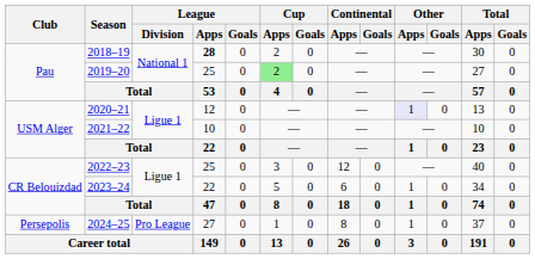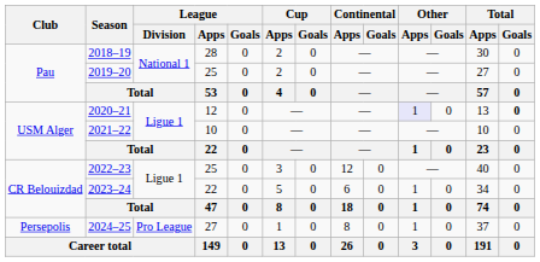 <table class="wikitable" style="text-align: center">
 <tr>
 <th rowspan="2">Club</th>
 <th rowspan="2">Season</th>
 <th colspan="3">League</th>
 <th colspan="2">Cup</th>
 <th colspan="2">Continental</th>
 <th colspan="2">Other</th>
 <th colspan="2">Total</th>
 </tr>
 <tr>
 <th>Division</th>
 <th>Apps</th>
 <th>Goals</th>
 <th>Apps</th>
 <th>Goals</th>
 <th>Apps</th>
 <th>Goals</th>
 <th>Apps</th>
 <th>Goals</th>
 <th>Apps</th>
 <th>Goals</th>
 </tr>
 <tr>
 <td rowspan="3" valign="center"><a href='#'>Pau</a></td>
 <td><a href='#'>2018–19</a></td>
 <td rowspan=2><a href='#'>National 1</a></td>
-<td><strong>28</strong></td>
+<td>28</td>
 <td>0</td>
 <td>2</td>
 <td>0</td>
 <td colspan=2>—</td>
 <td colspan=2>—</td>
 <td>30</td>
 <td>0</td>
 </tr>
 <tr>
 <td><a href='#'>2019–20</a></td>
 <td>25</td>
 <td>0</td>
-<td style="background: lightgreen;">2</td>
+<td>2</td>
 <td>0</td>
 <td colspan=2>—</td>
 <td colspan=2>—</td>
 <td>27</td>
 <td>0</td>
 </tr>
 <tr>
 <th colspan="2">Total</th>
 <th>53</th>
 <th>0</th>
 <th>4</th>
 <th>0</th>
 <th colspan=2>—</th>
 <th colspan=2>—</th>
 <th>57</th>
 <th>0</th>
 </tr>
 <tr>
 <td rowspan="3" valign="center"><a href='#'>USM Alger</a></td>
 <td><a href='#'>2020–21</a></td>
 <td rowspan=2><a href='#'>Ligue 1</a></td>
 <td>12</td>
 <td>0</td>
 <td colspan=2>—</td>
 <td colspan=2>—</td>
 <td style="background: lavender;">1</td>
 <td>0</td>
 <td>13</td>
-<td>0</td>
+<td><strong>0</strong></td>
 </tr>
 <tr>
 <td><a href='#'>2021–22</a></td>
 <td>10</td>
 <td>0</td>
 <td colspan=2>—</td>
 <td colspan=2>—</td>
 <td colspan=2>—</td>
 <td>10</td>
 <td>0</td>
 </tr>
 <tr>
 <th colspan="2">Total</th>
 <th>22</th>
 <th>0</th>
 <th colspan=2>—</th>
 <th colspan=2>—</th>
 <th>1</th>
 <th>0</th>
 <th>23</th>
 <th>0</th>
 </tr>
 <tr>
 <td rowspan=3><a href='#'>CR Belouizdad</a></td>
 <td><a href='#'>2022–23</a></td>
 <td rowspan=2>Ligue 1</td>
 <td>25</td>
 <td>0</td>
 <td>3</td>
 <td>0</td>
 <td>12</td>
 <td>0</td>
 <td colspan=2>—</td>
 <td>40</td>
 <td>0</td>
 </tr>
 <tr>
 <td><a href='#'>2023–24</a></td>
 <td>22</td>
 <td>0</td>
 <td>5</td>
 <td>0</td>
 <td>6</td>
 <td>0</td>
 <td>1</td>
 <td>0</td>
 <td>34</td>
 <td>0</td>
 </tr>
 <tr>
 <th colspan="2">Total</th>
 <th>47</th>
 <th>0</th>
 <th>8</th>
 <th>0</th>
 <th>18</th>
 <th>0</th>
 <th>1</th>
 <th>0</th>
 <th>74</th>
 <th>0</th>
 </tr>
 <tr>
 <td><a href='#'>Persepolis</a></td>
 <td><a href='#'>2024–25</a></td>
 <td><a href='#'>Pro League</a></td>
 <td>27</td>
 <td>0</td>
 <td>1</td>
 <td>0</td>
 <td>8</td>
 <td>0</td>
 <td>1</td>
 <td>0</td>
 <td>37</td>
 <td>0</td>
 </tr>
 <tr>
 <th colspan="3">Career total</th>
 <th>149</th>
 <th>0</th>
 <th>13</th>
 <th>0</th>
 <th>26</th>
 <th>0</th>
 <th>3</th>
 <th>0</th>
 <th>191</th>
 <th>0</th>
 </tr>
 </table>
